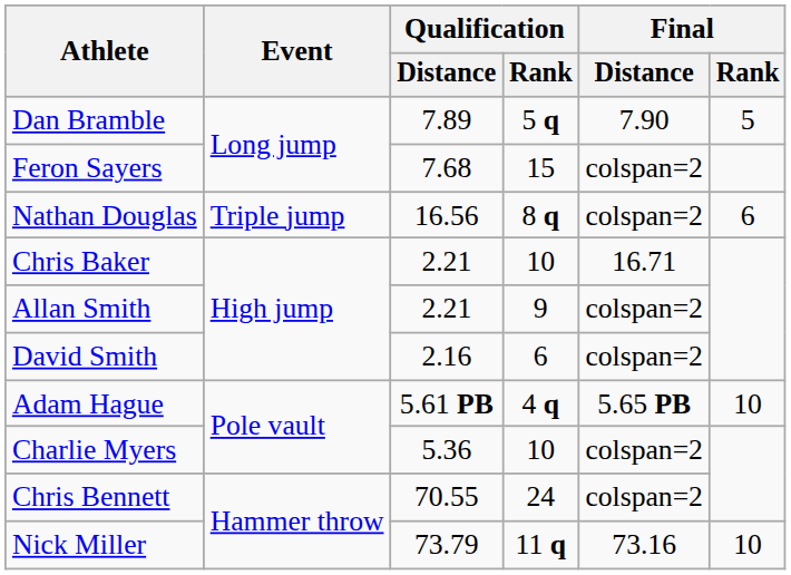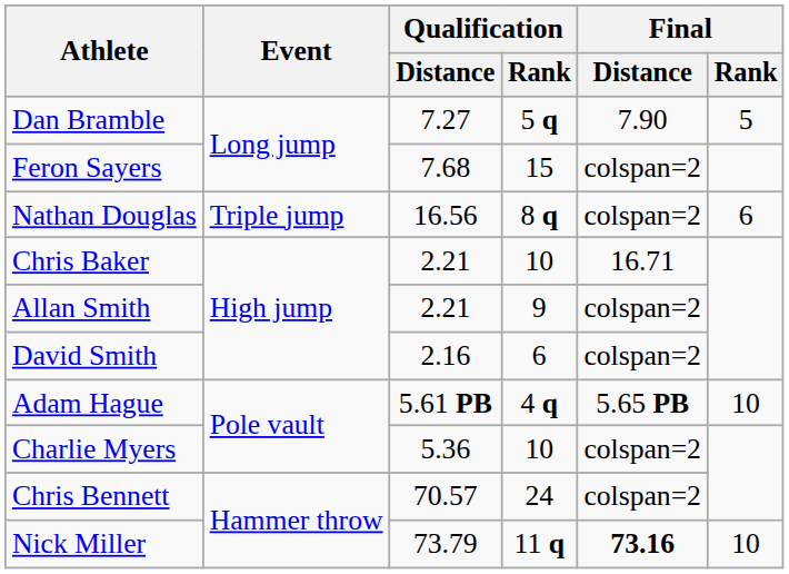 <table class="wikitable" style="font-size:90%">
 <tr>
 <th rowspan=2>Athlete</th>
 <th rowspan=2>Event</th>
 <th colspan=2>Qualification</th>
 <th colspan=2>Final</th>
 </tr>
 <tr style="font-size:95%">
 <th>Distance</th>
 <th>Rank</th>
 <th>Distance</th>
 <th>Rank</th>
 </tr>
 <tr align=center>
 <td align=left><a href='#'>Dan Bramble</a></td>
 <td style="text-align:left;" rowspan="2"><a href='#'>Long jump</a></td>
-<td>7.89</td>
+<td>7.27</td>
 <td>5 <strong>q</strong></td>
 <td>7.90</td>
 <td>5</td>
 </tr>
 <tr align=center>
 <td align=left><a href='#'>Feron Sayers</a></td>
 <td>7.68</td>
 <td>15</td>
 <td>colspan=2 </td>
 </tr>
 <tr align=center>
 <td align=left><a href='#'>Nathan Douglas</a></td>
 <td style="text-align:left;"><a href='#'>Triple jump</a></td>
 <td>16.56</td>
 <td>8 <strong>q</strong></td>
 <td>colspan=2 </td>
 <td>6</td>
 </tr>
 <tr align=center>
 <td align=left><a href='#'>Chris Baker</a></td>
 <td style="text-align:left;" rowspan="3"><a href='#'>High jump</a></td>
 <td>2.21</td>
 <td>10</td>
 <td>16.71</td>
 </tr>
 <tr align=center>
 <td align=left><a href='#'>Allan Smith</a></td>
 <td>2.21</td>
 <td>9</td>
 <td>colspan=2 </td>
 </tr>
 <tr align=center>
 <td align=left><a href='#'>David Smith</a></td>
 <td>2.16</td>
 <td>6</td>
 <td>colspan=2  </td>
 </tr>
 <tr align=center>
 <td align=left><a href='#'>Adam Hague</a></td>
 <td style="text-align:left;" rowspan="2"><a href='#'>Pole vault</a></td>
 <td>5.61 <strong>PB</strong></td>
 <td>4 <strong>q</strong></td>
 <td>5.65 <strong>PB</strong></td>
 <td>10</td>
 </tr>
 <tr align=center>
 <td align=left><a href='#'>Charlie Myers</a></td>
 <td>5.36</td>
 <td>10</td>
 <td>colspan=2 </td>
 </tr>
 <tr align=center>
 <td align=left><a href='#'>Chris Bennett</a></td>
 <td style="text-align:left;" rowspan="2"><a href='#'>Hammer throw</a></td>
-<td>70.55</td>
+<td>70.57</td>
 <td>24</td>
 <td>colspan=2 </td>
 </tr>
 <tr align=center>
 <td align=left><a href='#'>Nick Miller</a></td>
 <td>73.79</td>
 <td>11 <strong>q</strong></td>
-<td>73.16</td>
+<td><strong>73.16</strong></td>
 <td>10</td>
 </tr>
 </table>
